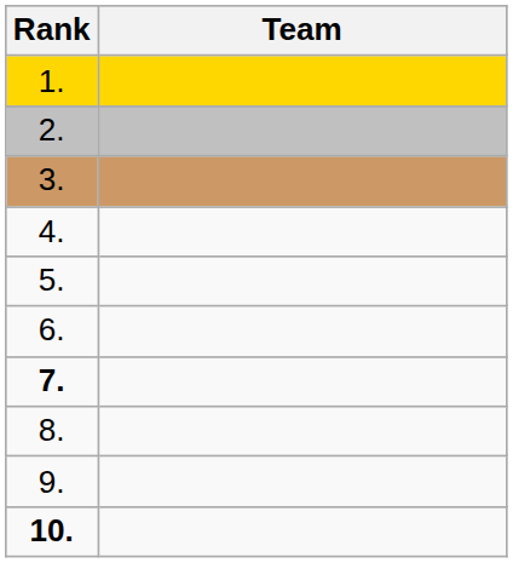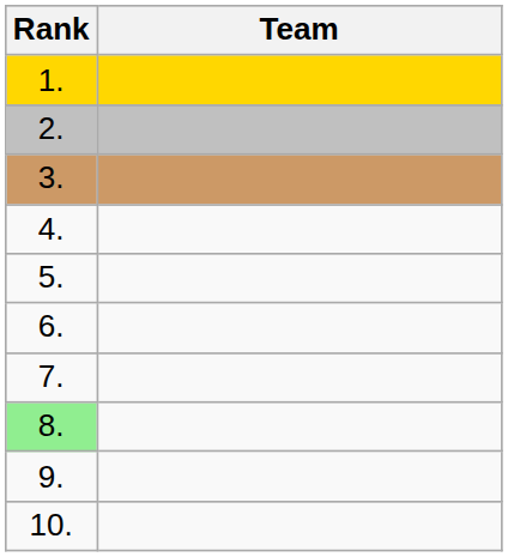 <table class="wikitable" style="border-collapse: collapse">
 <tr>
 <th>Rank</th>
 <th align="center" style="width:200px">Team</th>
 </tr>
 <tr bgcolor=gold>
 <td align="center">1.</td>
 <td></td>
 </tr>
 <tr bgcolor=silver>
 <td align="center">2.</td>
 <td></td>
 </tr>
 <tr bgcolor=#cc9966>
 <td align="center">3.</td>
 <td></td>
 </tr>
 <tr>
 <td align="center">4.</td>
 <td></td>
 </tr>
 <tr>
 <td align="center">5.</td>
 <td></td>
 </tr>
 <tr>
 <td align="center">6.</td>
 <td></td>
 </tr>
 <tr>
-<td align="center"><strong>7.</strong></td>
+<td align="center">7.</td>
 <td></td>
 </tr>
 <tr>
-<td align="center">8.</td>
+<td align="center" style="background: lightgreen;">8.</td>
 <td></td>
 </tr>
 <tr>
 <td align="center">9.</td>
 <td></td>
 </tr>
 <tr>
-<td align="center"><strong>10.</strong></td>
+<td align="center">10.</td>
 <td></td>
 </tr>
 </table>
